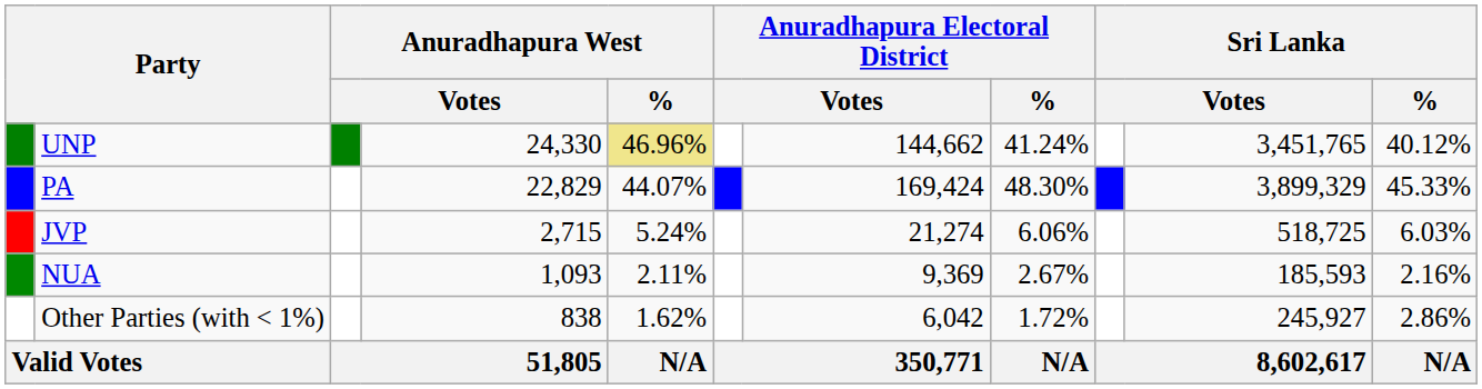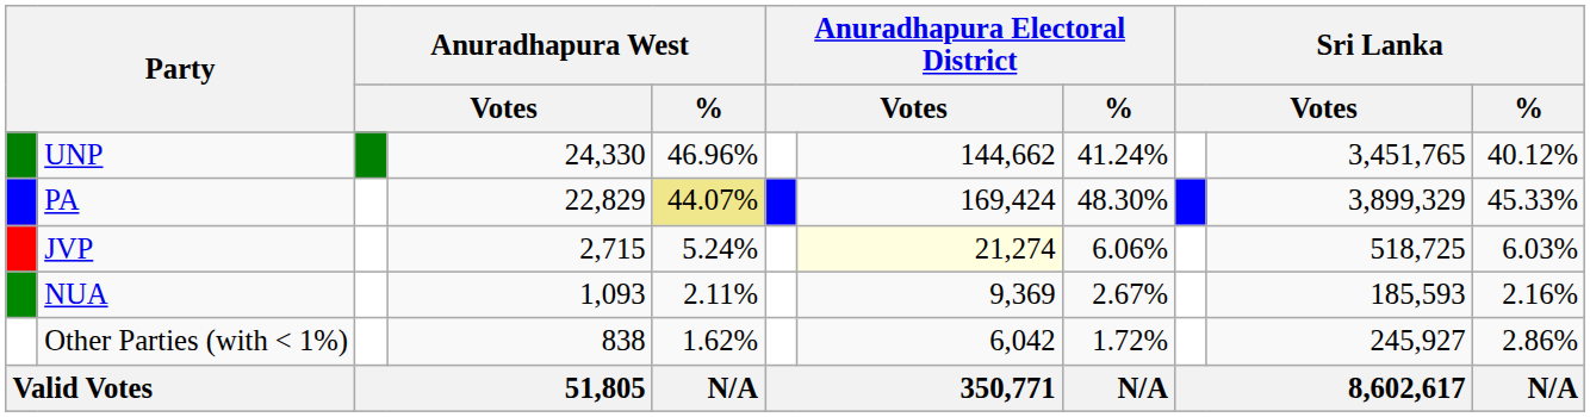 <table class="wikitable">
 <tr>
 <th colspan="2" width="144px"rowspan="2">Party</th>
 <th colspan="3" width="216px">Anuradhapura West</th>
 <th colspan="3" width="216px"><a href='#'>Anuradhapura Electoral District</a></th>
 <th colspan="3" width="216px">Sri Lanka</th>
 </tr>
 <tr>
 <th colspan="2" width="144px">Votes</th>
 <th>%</th>
 <th colspan="2" width="144px">Votes</th>
 <th>%</th>
 <th colspan="2" width="144px">Votes</th>
 <th>%</th>
 </tr>
 <tr>
 <td style="background-color:green;" width="10px"></td>
 <td style="text-align:left;"><a href='#'>UNP</a></td>
 <td style="background-color:green;" width="10px"></td>
 <td style="text-align:right;">24,330</td>
-<td style="background: khaki; text-align:right;">46.96%</td>
+<td style="text-align:right;">46.96%</td>
 <td style="background-color:white;" width="10px"></td>
 <td style="text-align:right;">144,662</td>
 <td style="text-align:right;">41.24%</td>
 <td style="background-color:white;" width="10px"></td>
 <td style="text-align:right;">3,451,765</td>
 <td style="text-align:right;">40.12%</td>
 </tr>
 <tr>
 <td style="background-color:blue;" width="10px"></td>
 <td style="text-align:left;"><a href='#'>PA</a></td>
 <td style="background-color:white;" width="10px"></td>
 <td style="text-align:right;">22,829</td>
-<td style="text-align:right;">44.07%</td>
+<td style="background: khaki; text-align:right;">44.07%</td>
 <td style="background-color:blue;" width="10px"></td>
 <td style="text-align:right;">169,424</td>
 <td style="text-align:right;">48.30%</td>
 <td style="background-color:blue;" width="10px"></td>
 <td style="text-align:right;">3,899,329</td>
 <td style="text-align:right;">45.33%</td>
 </tr>
 <tr>
 <td style="background-color:red;" width="10px"></td>
 <td style="text-align:left;"><a href='#'>JVP</a></td>
 <td style="background-color:white;" width="10px"></td>
 <td style="text-align:right;">2,715</td>
 <td style="text-align:right;">5.24%</td>
 <td style="background-color:white;" width="10px"></td>
-<td style="text-align:right;">21,274</td>
+<td style="background: lightyellow; text-align:right;">21,274</td>
 <td style="text-align:right;">6.06%</td>
 <td style="background-color:white;" width="10px"></td>
 <td style="text-align:right;">518,725</td>
 <td style="text-align:right;">6.03%</td>
 </tr>
 <tr>
 <td style="background-color:#008800;" width="10px"></td>
 <td style="text-align:left;"><a href='#'>NUA</a></td>
 <td style="background-color:white;" width="10px"></td>
 <td style="text-align:right;">1,093</td>
 <td style="text-align:right;">2.11%</td>
 <td style="background-color:white;" width="10px"></td>
 <td style="text-align:right;">9,369</td>
 <td style="text-align:right;">2.67%</td>
 <td style="background-color:white;" width="10px"></td>
 <td style="text-align:right;">185,593</td>
 <td style="text-align:right;">2.16%</td>
 </tr>
 <tr>
 <td style="background-color:white;" width="10px"></td>
 <td style="text-align:left;">Other Parties (with < 1%)</td>
 <td style="background-color:white;" width="10px"></td>
 <td style="text-align:right;">838</td>
 <td style="text-align:right;">1.62%</td>
 <td style="background-color:white;" width="10px"></td>
 <td style="text-align:right;">6,042</td>
 <td style="text-align:right;">1.72%</td>
 <td style="background-color:white;" width="10px"></td>
 <td style="text-align:right;">245,927</td>
 <td style="text-align:right;">2.86%</td>
 </tr>
 <tr>
 <th colspan="2" width="144px"style="text-align:left;">Valid Votes</th>
 <th style="text-align:right;"colspan="2" width="144px">51,805</th>
 <th style="text-align:right;">N/A</th>
 <th style="text-align:right;"colspan="2" width="144px">350,771</th>
 <th style="text-align:right;">N/A</th>
 <th style="text-align:right;"colspan="2" width="144px">8,602,617</th>
 <th style="text-align:right;">N/A</th>
 </tr>
 </table>
